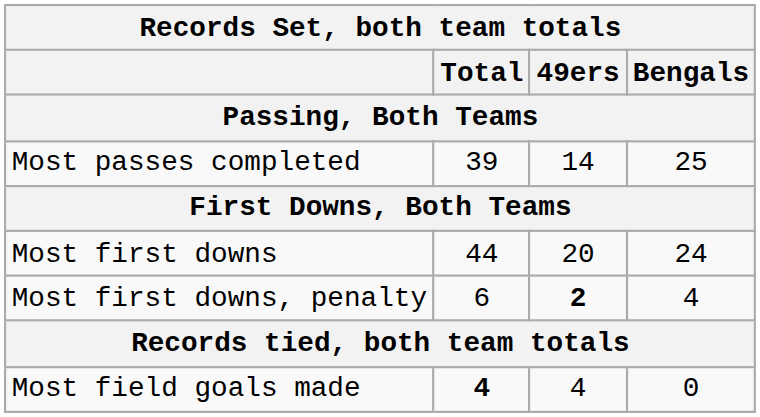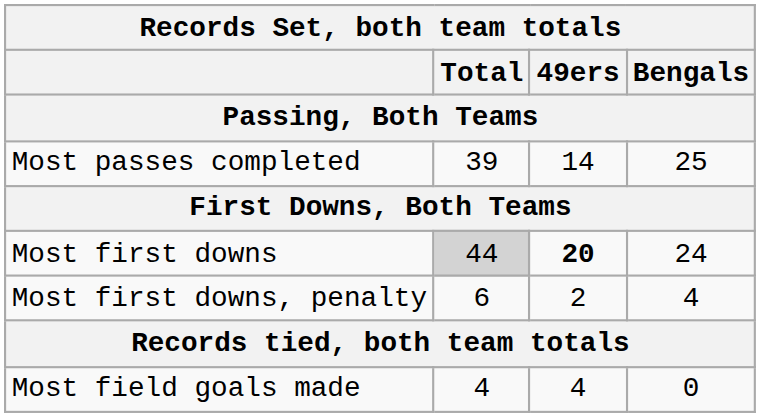 <table class="wikitable">
 <tr>
 <th colspan=4>Records Set, both team totals</th>
 </tr>
 <tr>
 <th></th>
 <th>Total</th>
 <th>49ers</th>
 <th>Bengals</th>
 </tr>
 <tr>
 <th colspan=4>Passing, Both Teams</th>
 </tr>
 <tr align=center>
 <td align=left>Most passes completed</td>
 <td>39</td>
 <td>14</td>
 <td>25</td>
 </tr>
 <tr>
 <th colspan=4>First Downs, Both Teams</th>
 </tr>
 <tr align=center>
 <td align=left>Most first downs</td>
-<td>44</td>
-<td>20</td>
+<td style="background: lightgrey;">44</td>
+<td><strong>20</strong></td>
 <td>24</td>
 </tr>
 <tr align=center>
 <td align=left>Most first downs, penalty</td>
 <td>6</td>
-<td><strong>2</strong></td>
+<td>2</td>
 <td>4</td>
 </tr>
 <tr>
 <th colspan=4>Records tied, both team totals</th>
 </tr>
 <tr align=center>
 <td align=left>Most field goals made</td>
-<td><strong>4</strong></td>
+<td>4</td>
 <td>4</td>
 <td>0</td>
 </tr>
 </table>
